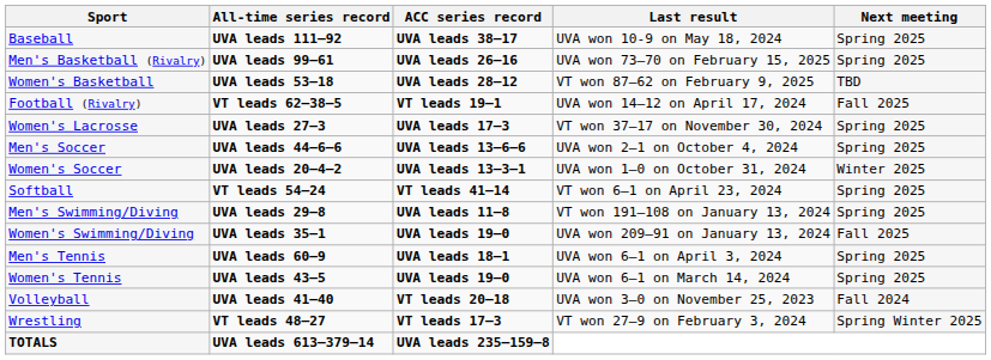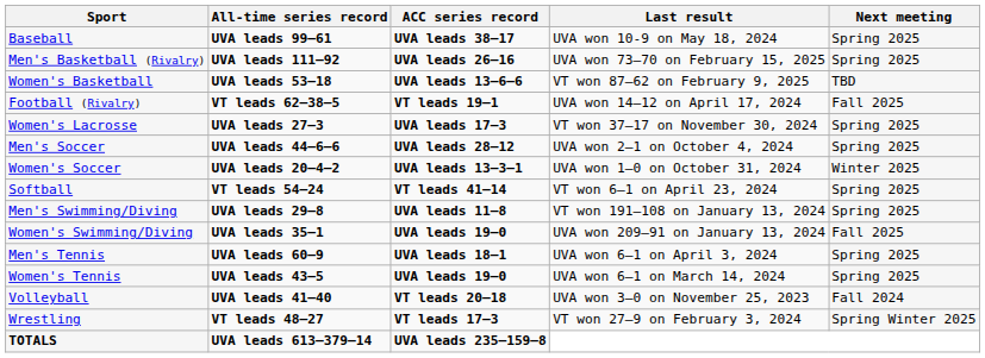 <table class="wikitable" style="margin-left: 1em; margin-bottom: 1em; text-align: left">
 <tr>
 <th>Sport</th>
 <th>All-time series record</th>
 <th>ACC series record</th>
 <th>Last result</th>
 <th>Next meeting</th>
 </tr>
 <tr>
 <td style="background: #f6f6f6;"><a href='#'>Baseball</a></td>
-<td><strong>UVA leads 111–92</strong></td>
+<td><strong>UVA leads 99–61</strong></td>
 <td><strong>UVA leads 38–17</strong></td>
 <td>UVA won 10-9 on May 18, 2024</td>
 <td style="background: #f6f6f6;">Spring 2025</td>
 </tr>
 <tr>
 <td style="background: #f6f6f6;"><a href='#'>Men's Basketball</a> <small>(<a href='#'>Rivalry</a>)</small></td>
-<td><strong>UVA leads 99–61</strong></td>
+<td><strong>UVA leads 111–92</strong></td>
 <td><strong>UVA leads 26–16</strong></td>
 <td>UVA won 73–70 on February 15, 2025</td>
 <td style="background: #f6f6f6;">Spring 2025</td>
 </tr>
 <tr>
 <td style="background: #f6f6f6;"><a href='#'>Women's Basketball</a></td>
 <td><strong>UVA leads 53–18</strong></td>
-<td><strong>UVA leads 28–12</strong></td>
+<td><strong>UVA leads 13–6–6</strong></td>
 <td>VT won 87–62 on February 9, 2025</td>
 <td style="background: #f6f6f6;">TBD</td>
 </tr>
 <tr>
 <td style="background: #f6f6f6;"><a href='#'>Football</a> <small>(<a href='#'>Rivalry</a>)</small></td>
 <td><strong>VT leads 62–38–5</strong></td>
 <td><strong>VT leads 19–1</strong></td>
 <td>UVA won 14–12 on April 17, 2024</td>
 <td style="background: #f6f6f6;">Fall 2025</td>
 </tr>
 <tr>
 <td style="background: #f6f6f6;"><a href='#'>Women's Lacrosse</a></td>
 <td><strong>UVA leads 27–3</strong></td>
 <td><strong>UVA leads 17–3</strong></td>
 <td>VT won 37–17 on November 30, 2024</td>
 <td style="background: #f6f6f6;">Spring 2025</td>
 </tr>
 <tr>
 <td style="background: #f6f6f6;"><a href='#'>Men's Soccer</a></td>
 <td><strong>UVA leads 44–6–6</strong></td>
-<td><strong>UVA leads 13–6–6</strong></td>
+<td><strong>UVA leads 28–12</strong></td>
 <td>UVA won 2–1 on October 4, 2024</td>
 <td style="background: #f6f6f6;">Spring 2025</td>
 </tr>
 <tr>
 <td style="background: #f6f6f6;"><a href='#'>Women's Soccer</a></td>
 <td><strong>UVA leads 20–4–2</strong></td>
 <td><strong>UVA leads 13–3–1</strong></td>
 <td>UVA won 1–0 on October 31, 2024</td>
 <td style="background: #f6f6f6;">Winter 2025</td>
 </tr>
 <tr>
 <td style="background: #f6f6f6;"><a href='#'>Softball</a></td>
 <td><strong>VT leads 54–24</strong></td>
 <td><strong>VT leads 41–14</strong></td>
 <td>VT won 6–1 on April 23, 2024</td>
 <td style="background: #f6f6f6;">Spring 2025</td>
 </tr>
 <tr>
 <td style="background: #f6f6f6;"><a href='#'>Men's Swimming/Diving</a></td>
 <td><strong>UVA leads 29–8</strong></td>
 <td><strong>UVA leads 11–8</strong></td>
 <td>VT won 191–108 on January 13, 2024</td>
 <td style="background: #f6f6f6;">Spring 2025</td>
 </tr>
 <tr>
 <td style="background: #f6f6f6;"><a href='#'>Women's Swimming/Diving</a></td>
 <td><strong>UVA leads 35–1</strong></td>
 <td><strong>UVA leads 19–0</strong></td>
 <td>UVA won 209–91 on January 13, 2024</td>
 <td style="background: #f6f6f6;">Fall 2025</td>
 </tr>
 <tr>
 <td style="background: #f6f6f6;"><a href='#'>Men's Tennis</a></td>
 <td><strong>UVA leads 60–9</strong></td>
 <td><strong>UVA leads 18–1</strong></td>
 <td>UVA won 6–1 on April 3, 2024</td>
 <td style="background: #f6f6f6;">Spring 2025</td>
 </tr>
 <tr>
 <td style="background: #f6f6f6;"><a href='#'>Women's Tennis</a></td>
 <td><strong>UVA leads 43–5</strong></td>
 <td><strong>UVA leads 19–0</strong></td>
 <td>UVA won 6–1 on March 14, 2024</td>
 <td style="background: #f6f6f6;">Spring 2025</td>
 </tr>
 <tr>
 <td style="background: #f6f6f6;"><a href='#'>Volleyball</a></td>
 <td><strong>UVA leads 41–40</strong></td>
 <td><strong>VT leads 20–18</strong></td>
 <td>UVA won 3–0 on November 25, 2023</td>
 <td style="background: #f6f6f6;">Fall 2024</td>
 </tr>
 <tr>
 <td style="background: #f6f6f6;"><a href='#'>Wrestling</a></td>
 <td><strong>VT leads 48–27</strong></td>
 <td><strong>VT leads 17–3</strong></td>
 <td>VT won 27–9 on February 3, 2024</td>
 <td style="background: #f6f6f6;">Spring Winter 2025</td>
 </tr>
 <tr>
 <td style="background: #f6f6f6;"><strong>TOTALS</strong></td>
 <td><strong>UVA leads 613–379–14</strong></td>
 <td><strong>UVA leads 235–159–8</strong></td>
 <td style="background: white; color:#ff7003" colspan="2"></td>
 </tr>
 </table>
